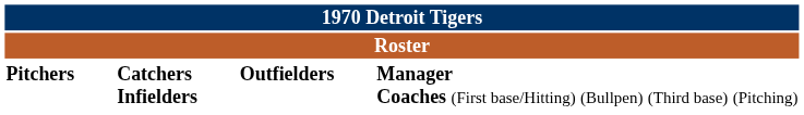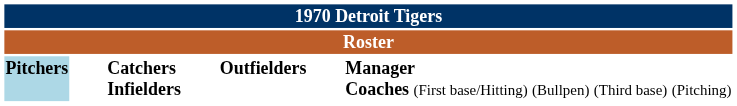 <table class="toccolours" style="font-size: 95%;">
 <tr>
 <th colspan="10" style="background-color: #003366; color: white; text-align: center;">1970 Detroit Tigers</th>
 </tr>
 <tr>
 <td colspan="10" style="background-color: #bd5d29; color: white; text-align: center;"><strong>Roster</strong></td>
 </tr>
 <tr>
-<td valign="top"><strong>Pitchers</strong><br>               </td>
+<td valign="top" style="background: lightblue;"><strong>Pitchers</strong><br>               </td>
 <td width="25px"></td>
 <td valign="top"><strong>Catchers</strong><br>    <strong>Infielders</strong>         </td>
 <td width="25px"></td>
 <td valign="top"><strong>Outfielders</strong><br>     </td>
 <td width="25px"></td>
 <td valign="top"><strong>Manager</strong><br> <strong>Coaches</strong>  <small>(First base/Hitting)</small>  <small>(Bullpen)</small>  <small>(Third base)</small>  <small>(Pitching)</small></td>
 </tr>
 <tr>
 </tr>
 </table>
